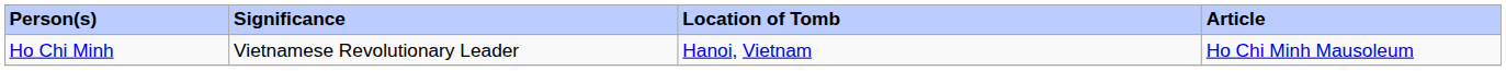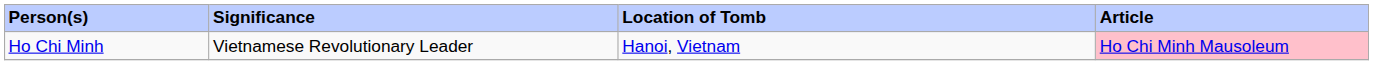 <table class="wikitable" width="100%" border="1" cellspacing="0" cellpadding="2">
 <tr>
 <td width="15%" bgcolor="#bbccff"><strong>Person(s)</strong></td>
 <td width="30%" bgcolor="#bbccff"><strong>Significance</strong></td>
 <td width="35%" bgcolor="#bbccff"><strong>Location of Tomb</strong></td>
 <td width="20%" bgcolor="#bbccff"><strong>Article</strong></td>
 </tr>
 <tr>
 <td><a href='#'>Ho Chi Minh</a></td>
 <td>Vietnamese Revolutionary Leader</td>
 <td><a href='#'>Hanoi</a>, <a href='#'>Vietnam</a></td>
-<td><a href='#'>Ho Chi Minh Mausoleum</a></td>
+<td style="background: pink;"><a href='#'>Ho Chi Minh Mausoleum</a></td>
 </tr>
 <tr>
 </tr>
 </table>
